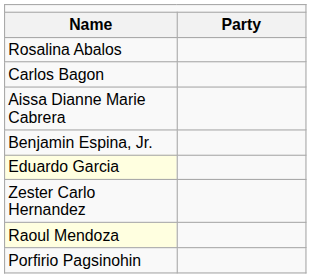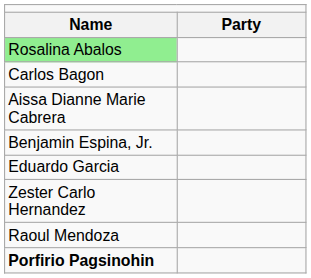 <table class=wikitable style="font-size:90%">
 <tr>
 <td colspan=4 bgcolor=></td>
 </tr>
 <tr>
 <th width=150px>Name</th>
 <th colspan=2 width=110px>Party</th>
 </tr>
 <tr>
-<td>Rosalina Abalos</td>
+<td style="background: lightgreen;">Rosalina Abalos</td>
 <td></td>
 </tr>
 <tr>
 <td>Carlos Bagon</td>
 <td></td>
 </tr>
 <tr>
 <td>Aissa Dianne Marie Cabrera</td>
 <td></td>
 </tr>
 <tr>
 <td>Benjamin Espina, Jr.</td>
 <td></td>
 </tr>
 <tr>
-<td style="background: lightyellow;">Eduardo Garcia</td>
+<td>Eduardo Garcia</td>
 <td></td>
 </tr>
 <tr>
 <td>Zester Carlo Hernandez</td>
 <td></td>
 </tr>
 <tr>
-<td style="background: lightyellow;">Raoul Mendoza</td>
+<td>Raoul Mendoza</td>
 <td></td>
 </tr>
 <tr>
-<td>Porfirio Pagsinohin</td>
+<td><strong>Porfirio Pagsinohin</strong></td>
 <td></td>
 </tr>
 </table>
